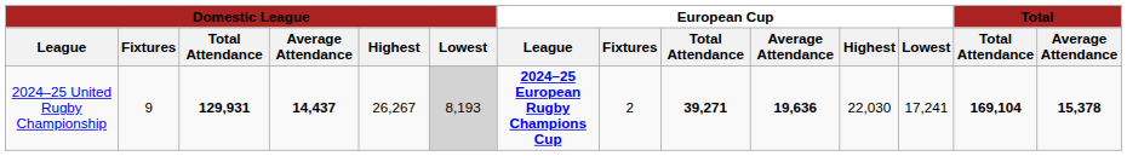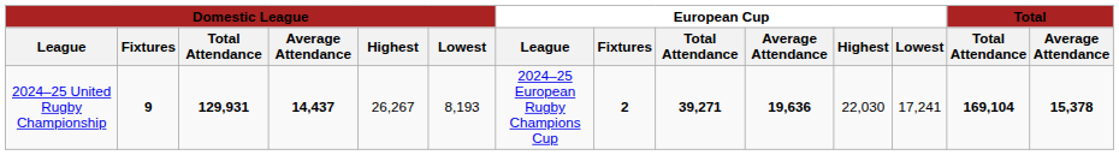 <table class="wikitable sortable" style="font-size:90%; width:90%;">
 <tr>
 <td colspan="6" class="wikitable sortable" style="width:45%; background:#aa2222; text-align:center;"><span><strong>Domestic League</strong></span></td>
 <td colspan="6" class="wikitable sortable" style="width:45%; background:#ffffff; text-align:center;"><span><strong>European Cup</strong></span></td>
 <td colspan="2" class="wikitable sortable" style="width:45%; background:#aa2222; text-align:center;"><span><strong>Total</strong></span></td>
 </tr>
 <tr>
 <th style="width:15%;">League</th>
 <th style="width:5%;">Fixtures</th>
 <th style="width:10%;">Total Attendance</th>
 <th style="width:10%;">Average Attendance</th>
 <th style="width:10%;">Highest</th>
 <th style="width:10%;">Lowest</th>
 <th style="width:15%;">League</th>
 <th style="width:5%;">Fixtures</th>
 <th style="width:10%;">Total Attendance</th>
 <th style="width:10%;">Average Attendance</th>
 <th style="width:10%;">Highest</th>
 <th style="width:10%;">Lowest</th>
 <th style="width:10%;">Total Attendance</th>
 <th style="width:10%;"><strong>Average Attendance</strong></th>
 </tr>
 <tr>
 <td align=center><a href='#'>2024–25 United Rugby Championship</a></td>
-<td align=center>9 </td>
+<td align=center><strong>9 </strong></td>
 <td align=center><strong>129,931</strong></td>
 <td align="center"><strong>14,437</strong></td>
 <td align="center">26,267</td>
-<td align=center style="background: lightgrey;">8,193 </td>
-<td align=center><strong><a href='#'>2024–25 European Rugby Champions Cup</a></strong></td>
-<td align=center>2</td>
+<td align=center>8,193 </td>
+<td align=center><a href='#'>2024–25 European Rugby Champions Cup</a></td>
+<td align=center><strong>2</strong></td>
 <td align=center><strong>39,271</strong></td>
 <td align="center"><strong>19,636</strong></td>
 <td align="center">22,030</td>
 <td align="center">17,241</td>
 <td align="center"><strong>169,104</strong> </td>
 <td align="center"><strong>15,378</strong></td>
 </tr>
 </table>
